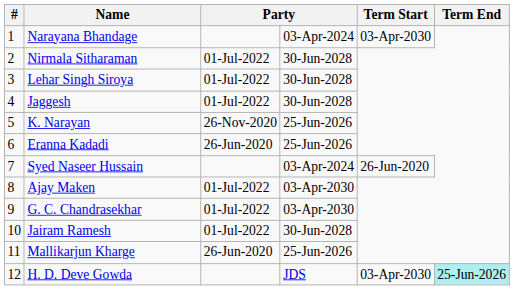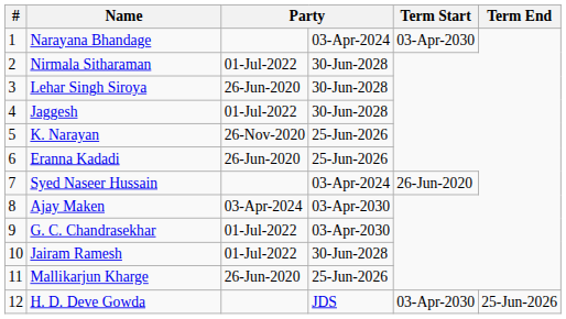 <table class="wikitable sortable">
 <tr>
 <th>#</th>
 <th style="width:200px">Name</th>
 <th colspan="2">Party</th>
 <th>Term Start</th>
 <th>Term End</th>
 </tr>
 <tr>
 <td>1</td>
 <td><a href='#'>Narayana Bhandage</a></td>
 <td></td>
 <td>03-Apr-2024</td>
 <td>03-Apr-2030</td>
 </tr>
 <tr>
 <td>2</td>
 <td><a href='#'>Nirmala Sitharaman</a></td>
 <td>01-Jul-2022</td>
 <td>30-Jun-2028</td>
 </tr>
 <tr>
 <td>3</td>
 <td><a href='#'>Lehar Singh Siroya</a></td>
-<td>01-Jul-2022</td>
+<td>26-Jun-2020</td>
 <td>30-Jun-2028</td>
 </tr>
 <tr>
 <td>4</td>
 <td><a href='#'>Jaggesh</a></td>
 <td>01-Jul-2022</td>
 <td>30-Jun-2028</td>
 </tr>
 <tr>
 <td>5</td>
 <td><a href='#'>K. Narayan</a></td>
 <td>26-Nov-2020</td>
 <td>25-Jun-2026</td>
 </tr>
 <tr>
 <td>6</td>
 <td><a href='#'>Eranna Kadadi</a></td>
 <td>26-Jun-2020</td>
 <td>25-Jun-2026</td>
 </tr>
 <tr>
 <td>7</td>
 <td><a href='#'>Syed Naseer Hussain</a></td>
 <td></td>
 <td>03-Apr-2024</td>
 <td>26-Jun-2020</td>
 </tr>
 <tr>
 <td>8</td>
 <td><a href='#'>Ajay Maken</a></td>
-<td>01-Jul-2022</td>
+<td>03-Apr-2024</td>
 <td>03-Apr-2030</td>
 </tr>
 <tr>
 <td>9</td>
 <td><a href='#'>G. C. Chandrasekhar</a></td>
 <td>01-Jul-2022</td>
 <td>03-Apr-2030</td>
 </tr>
 <tr>
 <td>10</td>
 <td><a href='#'>Jairam Ramesh</a></td>
 <td>01-Jul-2022</td>
 <td>30-Jun-2028</td>
 </tr>
 <tr>
 <td>11</td>
 <td><a href='#'>Mallikarjun Kharge</a></td>
 <td>26-Jun-2020</td>
 <td>25-Jun-2026</td>
 </tr>
 <tr>
 <td>12</td>
 <td><a href='#'>H. D. Deve Gowda</a></td>
 <td style="background-color: "></td>
 <td><a href='#'>JDS</a></td>
 <td>03-Apr-2030</td>
-<td style="background: paleturquoise;">25-Jun-2026</td>
+<td>25-Jun-2026</td>
 </tr>
 </table>
